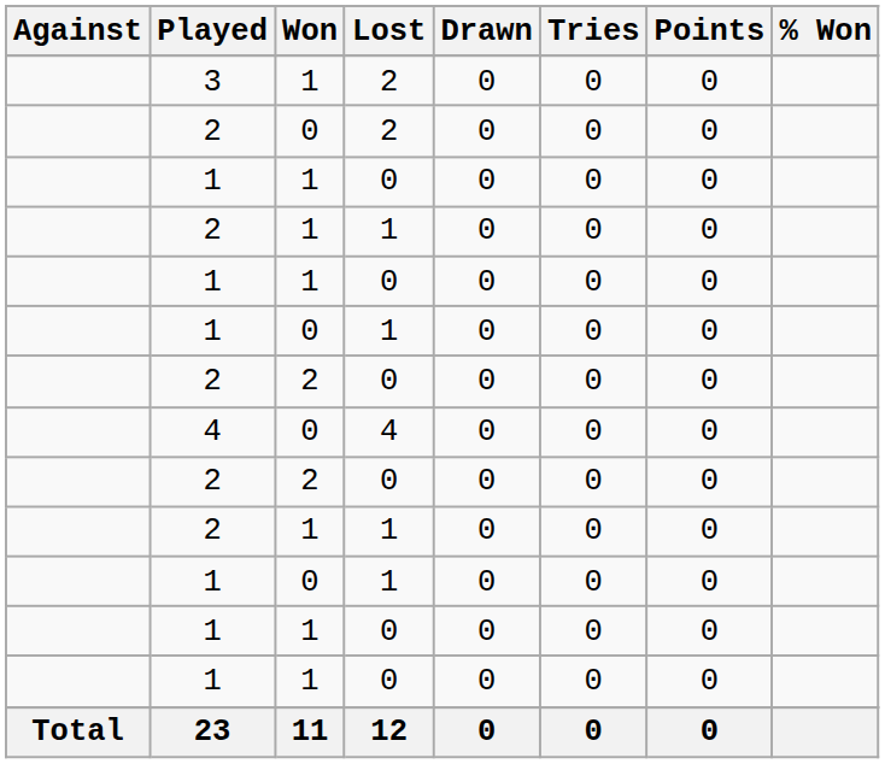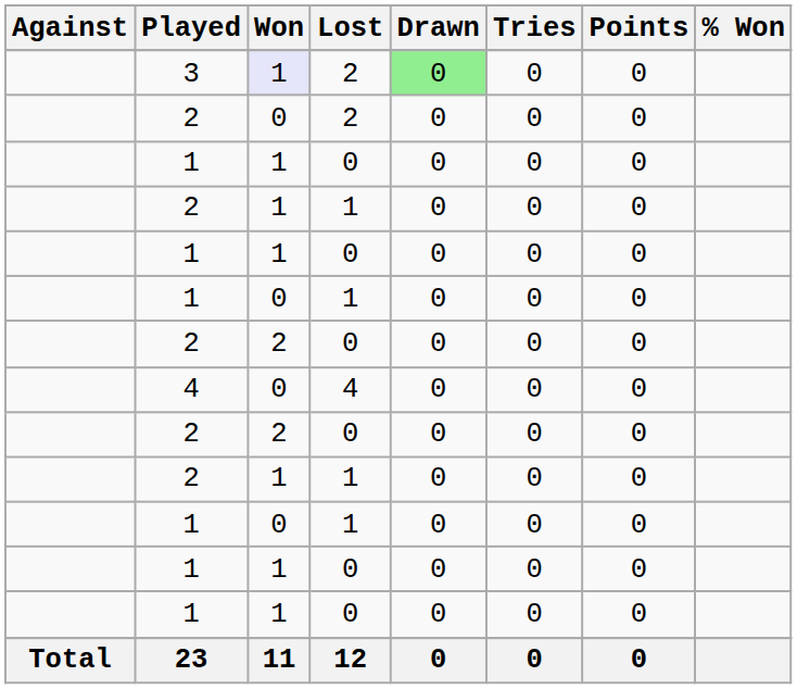 <table class="sortable wikitable" style="text-align: center;">
 <tr>
 </tr>
 <tr>
 <th>Against</th>
 <th>Played</th>
 <th>Won</th>
 <th>Lost</th>
 <th>Drawn</th>
 <th>Tries</th>
 <th>Points</th>
 <th>% Won</th>
 </tr>
 <tr bgcolor="#d0ffd0" align="center">
 </tr>
 <tr>
 <td align="left"></td>
 <td>3</td>
-<td>1</td>
+<td style="background: lavender;">1</td>
 <td>2</td>
-<td>0</td>
+<td style="background: lightgreen;">0</td>
 <td>0</td>
 <td>0</td>
 <td></td>
 </tr>
 <tr>
 <td align="left"></td>
 <td>2</td>
 <td>0</td>
 <td>2</td>
 <td>0</td>
 <td>0</td>
 <td>0</td>
 <td></td>
 </tr>
 <tr>
 <td align="left"></td>
 <td>1</td>
 <td>1</td>
 <td>0</td>
 <td>0</td>
 <td>0</td>
 <td>0</td>
 <td></td>
 </tr>
 <tr>
 <td align="left"></td>
 <td>2</td>
 <td>1</td>
 <td>1</td>
 <td>0</td>
 <td>0</td>
 <td>0</td>
 <td></td>
 </tr>
 <tr>
 <td align="left"></td>
 <td>1</td>
 <td>1</td>
 <td>0</td>
 <td>0</td>
 <td>0</td>
 <td>0</td>
 <td></td>
 </tr>
 <tr>
 <td align="left"></td>
 <td>1</td>
 <td>0</td>
 <td>1</td>
 <td>0</td>
 <td>0</td>
 <td>0</td>
 <td></td>
 </tr>
 <tr>
 <td align="left"></td>
 <td>2</td>
 <td>2</td>
 <td>0</td>
 <td>0</td>
 <td>0</td>
 <td>0</td>
 <td></td>
 </tr>
 <tr>
 <td align="left"></td>
 <td>4</td>
 <td>0</td>
 <td>4</td>
 <td>0</td>
 <td>0</td>
 <td>0</td>
 <td></td>
 </tr>
 <tr>
 <td align="left"></td>
 <td>2</td>
 <td>2</td>
 <td>0</td>
 <td>0</td>
 <td>0</td>
 <td>0</td>
 <td></td>
 </tr>
 <tr>
 <td align="left"></td>
 <td>2</td>
 <td>1</td>
 <td>1</td>
 <td>0</td>
 <td>0</td>
 <td>0</td>
 <td></td>
 </tr>
 <tr>
 <td align="left"></td>
 <td>1</td>
 <td>0</td>
 <td>1</td>
 <td>0</td>
 <td>0</td>
 <td>0</td>
 <td></td>
 </tr>
 <tr>
 <td align="left"></td>
 <td>1</td>
 <td>1</td>
 <td>0</td>
 <td>0</td>
 <td>0</td>
 <td>0</td>
 <td></td>
 </tr>
 <tr>
 <td align="left"></td>
 <td>1</td>
 <td>1</td>
 <td>0</td>
 <td>0</td>
 <td>0</td>
 <td>0</td>
 <td></td>
 </tr>
 <tr>
 </tr>
 <tr class="sortbottom">
 <th>Total</th>
 <th>23</th>
 <th>11</th>
 <th>12</th>
 <th>0</th>
 <th>0</th>
 <th>0</th>
 <th></th>
 </tr>
 </table>
